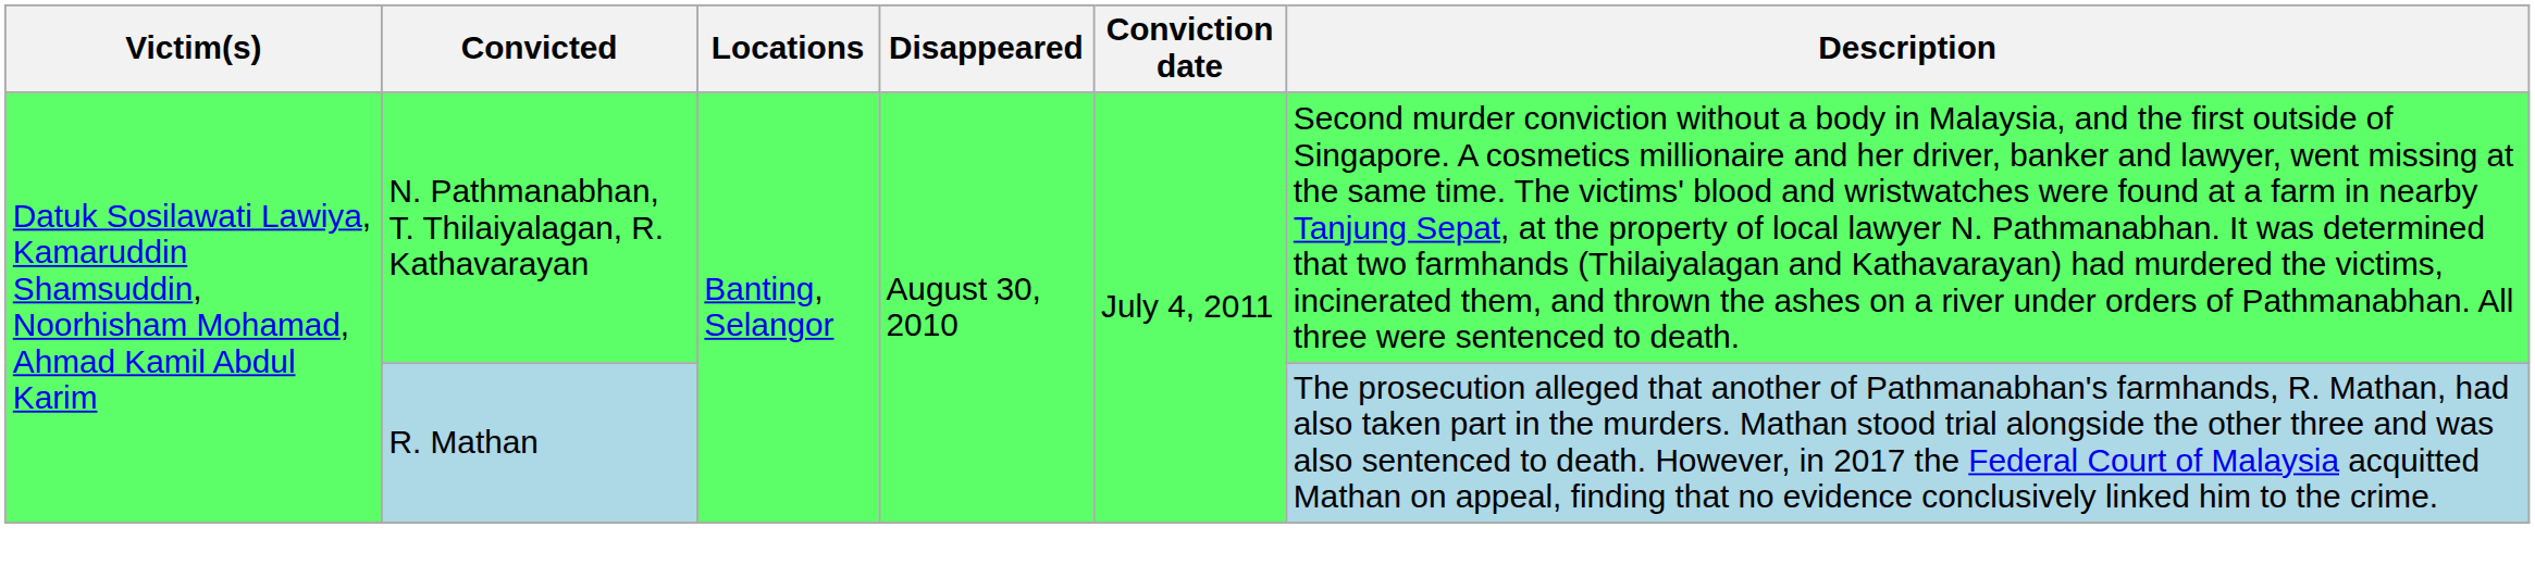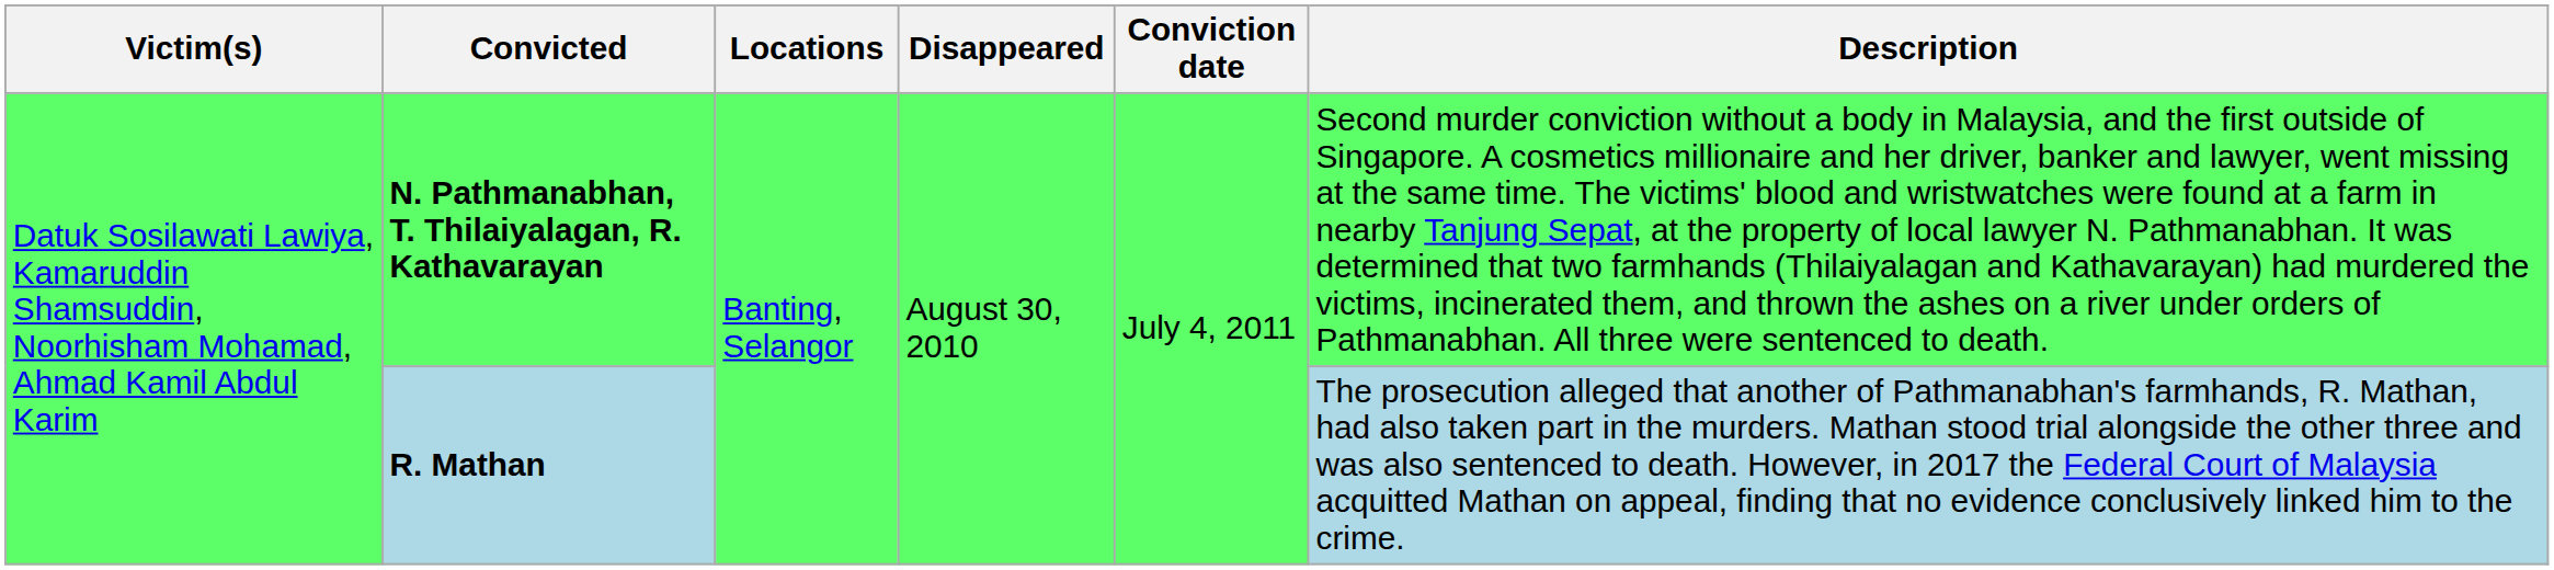 <table class="wikitable sortable">
 <tr>
 <th scope="col">Victim(s)</th>
 <th scope="col">Convicted</th>
 <th scope="col">Locations</th>
 <th scope="col">Disappeared</th>
 <th scope="col">Conviction date</th>
 <th scope="col">Description</th>
 </tr>
 <tr style="background:#5CFF67;">
 <td rowspan=2><a href='#'>Datuk Sosilawati Lawiya</a>, <a href='#'>Kamaruddin Shamsuddin</a>, <a href='#'>Noorhisham Mohamad</a>, <a href='#'>Ahmad Kamil Abdul Karim</a></td>
-<td>N. Pathmanabhan, T. Thilaiyalagan, R. Kathavarayan</td>
+<td><strong>N. Pathmanabhan, T. Thilaiyalagan, R. Kathavarayan</strong></td>
 <td rowspan=2><a href='#'>Banting</a>, <a href='#'>Selangor</a></td>
 <td rowspan=2>August 30, 2010</td>
 <td rowspan=2>July 4, 2011</td>
 <td>Second murder conviction without a body in Malaysia, and the first outside of Singapore. A cosmetics millionaire and her driver, banker and lawyer, went missing at the same time. The victims' blood and wristwatches were found at a farm in nearby <a href='#'>Tanjung Sepat</a>, at the property of local lawyer N. Pathmanabhan. It was determined that two farmhands (Thilaiyalagan and Kathavarayan) had murdered the victims, incinerated them, and thrown the ashes on a river under orders of Pathmanabhan. All three were sentenced to death.</td>
 </tr>
 <tr style="background:lightblue;">
-<td>R. Mathan</td>
+<td><strong>R. Mathan</strong></td>
 <td>The prosecution alleged that another of Pathmanabhan's farmhands, R. Mathan, had also taken part in the murders. Mathan stood trial alongside the other three and was also sentenced to death. However, in 2017 the <a href='#'>Federal Court of Malaysia</a> acquitted Mathan on appeal, finding that no evidence conclusively linked him to the crime.</td>
 </tr>
 </table>
